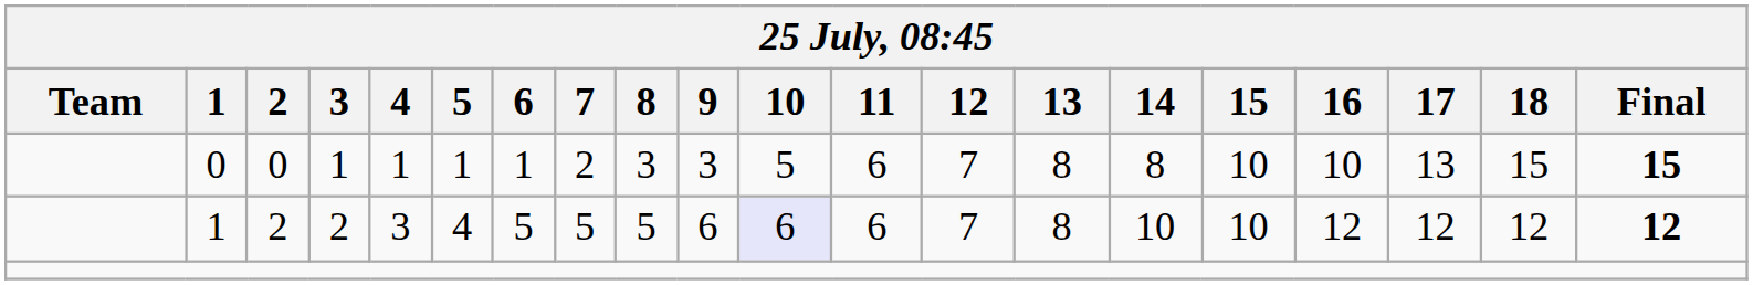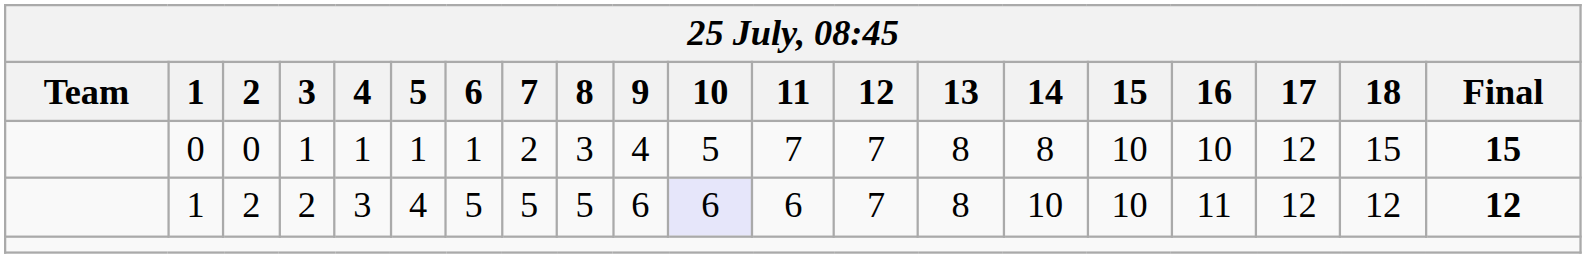 <table class=wikitable style="text-align:center; width: 55%">
 <tr>
 <th colspan=20><em>25 July, 08:45</em></th>
 </tr>
 <tr>
 <th>Team</th>
 <th>1</th>
 <th>2</th>
 <th>3</th>
 <th>4</th>
 <th>5</th>
 <th>6</th>
 <th>7</th>
 <th>8</th>
 <th>9</th>
 <th>10</th>
 <th>11</th>
 <th>12</th>
 <th>13</th>
 <th>14</th>
 <th>15</th>
 <th>16</th>
 <th>17</th>
 <th>18</th>
 <th>Final</th>
 </tr>
 <tr>
 <td align=left><strong></strong></td>
 <td>0</td>
 <td>0</td>
 <td>1</td>
 <td>1</td>
 <td>1</td>
 <td>1</td>
 <td>2</td>
 <td>3</td>
-<td>3</td>
+<td>4</td>
 <td>5</td>
-<td>6</td>
+<td>7</td>
 <td>7</td>
 <td>8</td>
 <td>8</td>
 <td>10</td>
 <td>10</td>
-<td>13</td>
+<td>12</td>
 <td>15</td>
 <td><strong>15</strong></td>
 </tr>
 <tr>
 <td align=left></td>
 <td>1</td>
 <td>2</td>
 <td>2</td>
 <td>3</td>
 <td>4</td>
 <td>5</td>
 <td>5</td>
 <td>5</td>
 <td>6</td>
 <td style="background: lavender;">6</td>
 <td>6</td>
 <td>7</td>
 <td>8</td>
 <td>10</td>
 <td>10</td>
-<td>12</td>
+<td>11</td>
 <td>12</td>
 <td>12</td>
 <td><strong>12</strong></td>
 </tr>
 <tr>
 <td colspan=20></td>
 </tr>
 </table>
